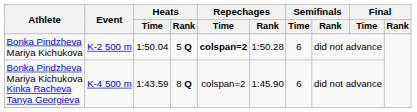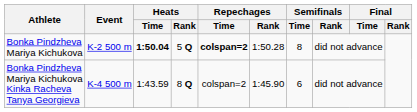 <table class="wikitable" style="font-size:90%; text-align:center;">
 <tr>
 <th rowspan=2>Athlete</th>
 <th rowspan=2>Event</th>
 <th colspan=2>Heats</th>
 <th colspan=2>Repechages</th>
 <th colspan=2>Semifinals</th>
 <th colspan=2>Final</th>
 </tr>
 <tr style="font-size:95%">
 <th>Time</th>
 <th>Rank</th>
 <th>Time</th>
 <th>Rank</th>
 <th>Time</th>
 <th>Rank</th>
 <th>Time</th>
 <th>Rank</th>
 </tr>
 <tr>
 <td align=left><a href='#'>Bonka Pindzheva</a><br>Mariya Kichukova</td>
 <td align=left><a href='#'>K-2 500 m</a></td>
-<td>1:50.04</td>
+<td><strong>1:50.04</strong></td>
 <td>5 <strong>Q</strong></td>
 <td><strong>colspan=2 </strong></td>
 <td>1:50.28</td>
-<td>6</td>
+<td>8</td>
 <td colspan=2>did not advance</td>
 </tr>
 <tr>
 <td align=left><a href='#'>Bonka Pindzheva</a><br>Mariya Kichukova<br><a href='#'>Kinka Racheva</a><br><a href='#'>Tanya Georgieva</a></td>
 <td align=left><a href='#'>K-4 500 m</a></td>
 <td>1:43.59</td>
 <td>8 <strong>Q</strong></td>
 <td>colspan=2 </td>
 <td>1:45.90</td>
 <td>6</td>
 <td colspan=2>did not advance</td>
 </tr>
 </table>
